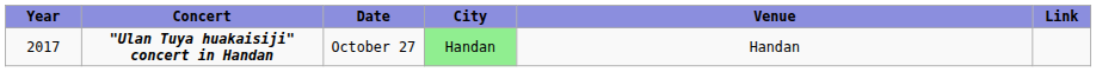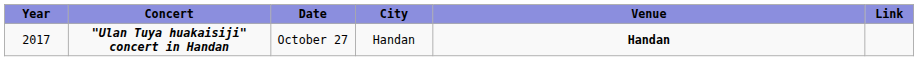 <table class="wikitable sortable mw-collapsible" width="80%" style="text-align:center">
 <tr align="center" style="background:#8B8EDE">
 <td style="width:2%"><strong>Year</strong></td>
 <td style="width:8%"><strong>Concert</strong></td>
 <td style="width:2%"><strong>Date</strong></td>
 <td style="width:2%"><strong>City</strong></td>
 <td style="width:18%"><strong>Venue</strong></td>
 <td style="width:1%"><strong>Link</strong></td>
 </tr>
 <tr>
 <td rowspan="2">2017</td>
 <td rowspan="2"><strong><em>"Ulan Tuya huakaisiji" concert in Handan</em></strong></td>
 <td>October 27</td>
-<td style="background: lightgreen;">Handan</td>
 <td>Handan</td>
+<td><strong>Handan</strong></td>
 <td></td>
 </tr>
 </table>
